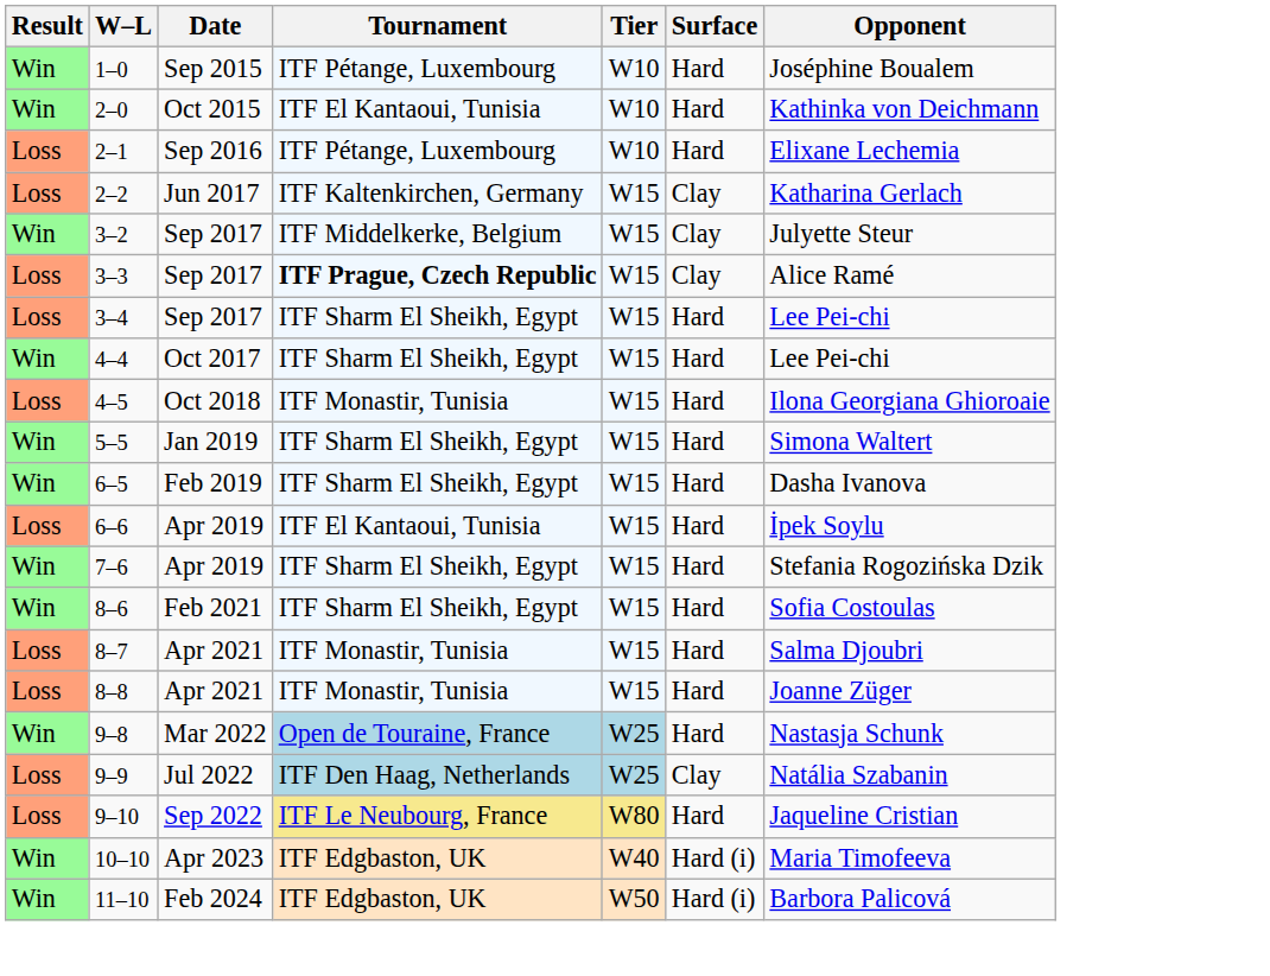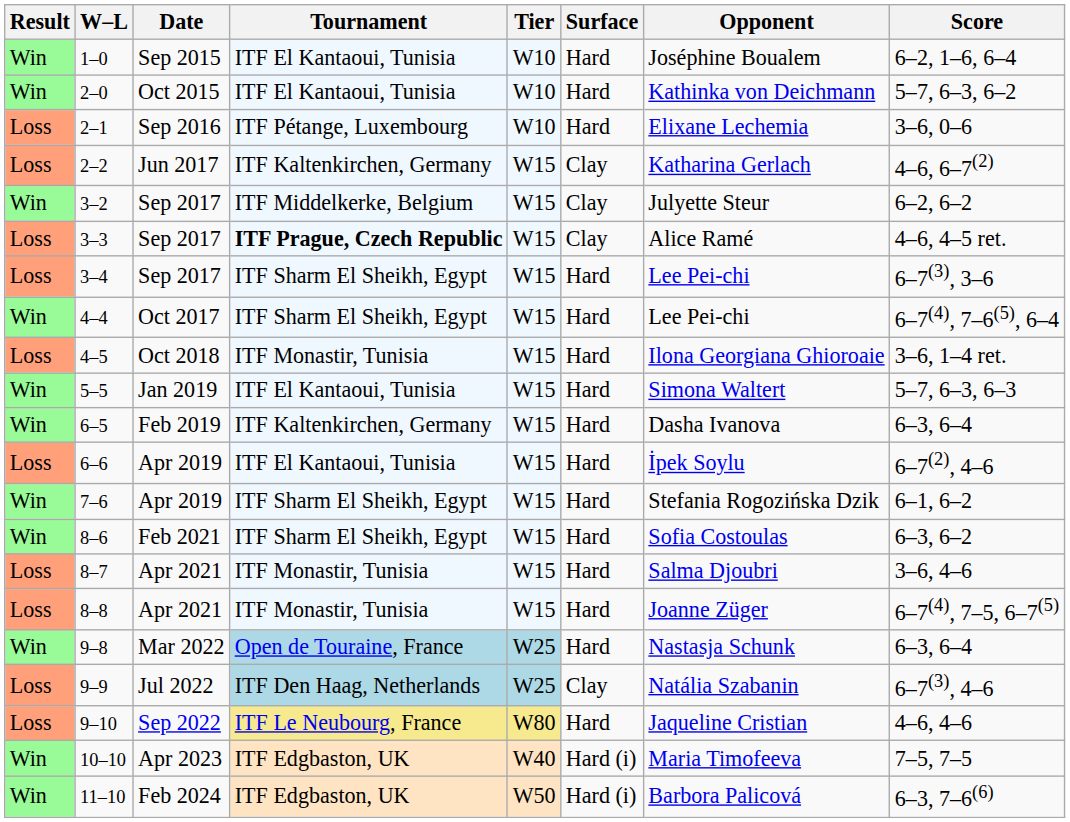 <table class="wikitable sortable">
 <tr>
 <th>Result</th>
 <th class=unsortable>W–L</th>
 <th>Date</th>
 <th>Tournament</th>
 <th>Tier</th>
 <th>Surface</th>
 <th>Opponent</th>
+<th class=unsortable>Score</th>
 </tr>
 <tr>
 <td bgcolor="98FB98">Win</td>
 <td><small>1–0</small></td>
 <td>Sep 2015</td>
-<td style="background:#f0f8ff;">ITF Pétange, Luxembourg</td>
+<td style="background:#f0f8ff;">ITF El Kantaoui, Tunisia</td>
 <td style="background:#f0f8ff;">W10</td>
 <td>Hard</td>
 <td> Joséphine Boualem</td>
+<td>6–2, 1–6, 6–4</td>
 </tr>
 <tr>
 <td bgcolor="98FB98">Win</td>
 <td><small>2–0</small></td>
 <td>Oct 2015</td>
 <td style="background:#f0f8ff;">ITF El Kantaoui, Tunisia</td>
 <td style="background:#f0f8ff;">W10</td>
 <td>Hard</td>
 <td> <a href='#'>Kathinka von Deichmann</a></td>
+<td>5–7, 6–3, 6–2</td>
 </tr>
 <tr>
 <td bgcolor="FFA07A">Loss</td>
 <td><small>2–1</small></td>
 <td>Sep 2016</td>
 <td style="background:#f0f8ff;">ITF Pétange, Luxembourg</td>
 <td style="background:#f0f8ff;">W10</td>
 <td>Hard</td>
 <td> <a href='#'>Elixane Lechemia</a></td>
+<td>3–6, 0–6</td>
 </tr>
 <tr>
 <td bgcolor="FFA07A">Loss</td>
 <td><small>2–2</small></td>
 <td>Jun 2017</td>
 <td style="background:#f0f8ff;">ITF Kaltenkirchen, Germany</td>
 <td style="background:#f0f8ff;">W15</td>
 <td>Clay</td>
 <td> <a href='#'>Katharina Gerlach</a></td>
+<td>4–6, 6–7<sup>(2)</sup></td>
 </tr>
 <tr>
 <td bgcolor="98FB98">Win</td>
 <td><small>3–2</small></td>
 <td>Sep 2017</td>
 <td style="background:#f0f8ff;">ITF Middelkerke, Belgium</td>
 <td style="background:#f0f8ff;">W15</td>
 <td>Clay</td>
 <td> Julyette Steur</td>
+<td>6–2, 6–2</td>
 </tr>
 <tr>
 <td bgcolor="FFA07A">Loss</td>
 <td><small>3–3</small></td>
 <td>Sep 2017</td>
 <td style="background:#f0f8ff;"><strong>ITF Prague, Czech Republic</strong></td>
 <td style="background:#f0f8ff;">W15</td>
 <td>Clay</td>
 <td> Alice Ramé</td>
+<td>4–6, 4–5 ret.</td>
 </tr>
 <tr>
 <td bgcolor="FFA07A">Loss</td>
 <td><small>3–4</small></td>
 <td>Sep 2017</td>
 <td style="background:#f0f8ff;">ITF Sharm El Sheikh, Egypt</td>
 <td style="background:#f0f8ff;">W15</td>
 <td>Hard</td>
 <td> <a href='#'>Lee Pei-chi</a></td>
+<td>6–7<sup>(3)</sup>, 3–6</td>
 </tr>
 <tr>
 <td bgcolor="98FB98">Win</td>
 <td><small>4–4</small></td>
 <td>Oct 2017</td>
 <td style="background:#f0f8ff;">ITF Sharm El Sheikh, Egypt</td>
 <td style="background:#f0f8ff;">W15</td>
 <td>Hard</td>
 <td> Lee Pei-chi</td>
+<td>6–7<sup>(4)</sup>, 7–6<sup>(5)</sup>, 6–4</td>
 </tr>
 <tr>
 <td bgcolor="FFA07A">Loss</td>
 <td><small>4–5</small></td>
 <td>Oct 2018</td>
 <td style="background:#f0f8ff;">ITF Monastir, Tunisia</td>
 <td style="background:#f0f8ff;">W15</td>
 <td>Hard</td>
 <td> <a href='#'>Ilona Georgiana Ghioroaie</a></td>
+<td>3–6, 1–4 ret.</td>
 </tr>
 <tr>
 <td bgcolor="98FB98">Win</td>
 <td><small>5–5</small></td>
 <td>Jan 2019</td>
-<td style="background:#f0f8ff;">ITF Sharm El Sheikh, Egypt</td>
+<td style="background:#f0f8ff;">ITF El Kantaoui, Tunisia</td>
 <td style="background:#f0f8ff;">W15</td>
 <td>Hard</td>
 <td> <a href='#'>Simona Waltert</a></td>
+<td>5–7, 6–3, 6–3</td>
 </tr>
 <tr>
 <td bgcolor="98FB98">Win</td>
 <td><small>6–5</small></td>
 <td>Feb 2019</td>
-<td style="background:#f0f8ff;">ITF Sharm El Sheikh, Egypt</td>
+<td style="background:#f0f8ff;">ITF Kaltenkirchen, Germany</td>
 <td style="background:#f0f8ff;">W15</td>
 <td>Hard</td>
 <td> Dasha Ivanova</td>
+<td>6–3, 6–4</td>
 </tr>
 <tr>
 <td bgcolor="FFA07A">Loss</td>
 <td><small>6–6</small></td>
 <td>Apr 2019</td>
 <td style="background:#f0f8ff;">ITF El Kantaoui, Tunisia</td>
 <td style="background:#f0f8ff;">W15</td>
 <td>Hard</td>
 <td> <a href='#'>İpek Soylu</a></td>
+<td>6–7<sup>(2)</sup>, 4–6</td>
 </tr>
 <tr>
 <td bgcolor="98FB98">Win</td>
 <td><small>7–6</small></td>
 <td>Apr 2019</td>
 <td style="background:#f0f8ff;">ITF Sharm El Sheikh, Egypt</td>
 <td style="background:#f0f8ff;">W15</td>
 <td>Hard</td>
 <td> Stefania Rogozińska Dzik</td>
+<td>6–1, 6–2</td>
 </tr>
 <tr>
 <td bgcolor="98FB98">Win</td>
 <td><small>8–6</small></td>
 <td>Feb 2021</td>
 <td style="background:#f0f8ff;">ITF Sharm El Sheikh, Egypt</td>
 <td style="background:#f0f8ff;">W15</td>
 <td>Hard</td>
 <td> <a href='#'>Sofia Costoulas</a></td>
+<td>6–3, 6–2</td>
 </tr>
 <tr>
 <td bgcolor="FFA07A">Loss</td>
 <td><small>8–7</small></td>
 <td>Apr 2021</td>
 <td style="background:#f0f8ff;">ITF Monastir, Tunisia</td>
 <td style="background:#f0f8ff;">W15</td>
 <td>Hard</td>
 <td> <a href='#'>Salma Djoubri</a></td>
+<td>3–6, 4–6</td>
 </tr>
 <tr>
 <td bgcolor="FFA07A">Loss</td>
 <td><small>8–8</small></td>
 <td>Apr 2021</td>
 <td style="background:#f0f8ff;">ITF Monastir, Tunisia</td>
 <td style="background:#f0f8ff;">W15</td>
 <td>Hard</td>
 <td> <a href='#'>Joanne Züger</a></td>
+<td>6–7<sup>(4)</sup>, 7–5, 6–7<sup>(5)</sup></td>
 </tr>
 <tr>
 <td bgcolor="98FB98">Win</td>
 <td><small>9–8</small></td>
 <td>Mar 2022</td>
 <td style="background:lightblue;"><a href='#'>Open de Touraine</a>, France</td>
 <td style="background:lightblue;">W25</td>
 <td>Hard</td>
 <td> <a href='#'>Nastasja Schunk</a></td>
+<td>6–3, 6–4</td>
 </tr>
 <tr>
 <td bgcolor="FFA07A">Loss</td>
 <td><small>9–9</small></td>
 <td>Jul 2022</td>
 <td style="background:lightblue;">ITF Den Haag, Netherlands</td>
 <td style="background:lightblue;">W25</td>
 <td>Clay</td>
 <td> <a href='#'>Natália Szabanin</a></td>
+<td>6–7<sup>(3)</sup>, 4–6</td>
 </tr>
 <tr>
 <td bgcolor="FFA07A">Loss</td>
 <td><small>9–10</small></td>
 <td><a href='#'>Sep 2022</a></td>
 <td style="background:#f7e98e;"><a href='#'>ITF Le Neubourg</a>, France</td>
 <td style="background:#f7e98e;">W80</td>
 <td>Hard</td>
 <td> <a href='#'>Jaqueline Cristian</a></td>
+<td>4–6, 4–6</td>
 </tr>
 <tr>
 <td bgcolor="98FB98">Win</td>
 <td><small>10–10</small></td>
 <td>Apr 2023</td>
 <td style="background:#ffe4c4;">ITF Edgbaston, UK</td>
 <td style="background:#ffe4c4;">W40</td>
 <td>Hard (i)</td>
 <td> <a href='#'>Maria Timofeeva</a></td>
+<td>7–5, 7–5</td>
 </tr>
 <tr>
 <td bgcolor="98FB98">Win</td>
 <td><small>11–10</small></td>
 <td>Feb 2024</td>
 <td style="background:#ffe4c4;">ITF Edgbaston, UK</td>
 <td style="background:#ffe4c4;">W50</td>
 <td>Hard (i)</td>
 <td> <a href='#'>Barbora Palicová</a></td>
+<td>6–3, 7–6<sup>(6)</sup></td>
 </tr>
 </table>
